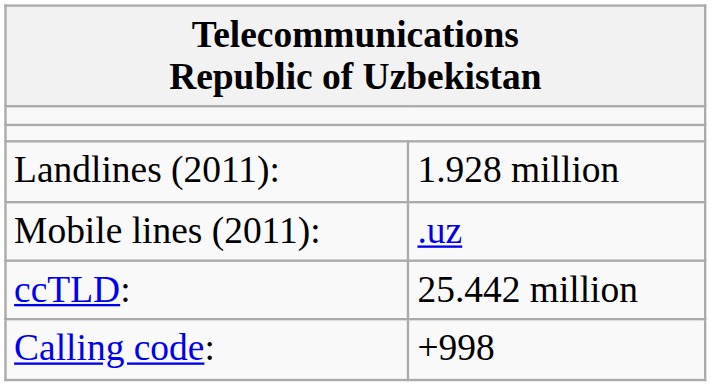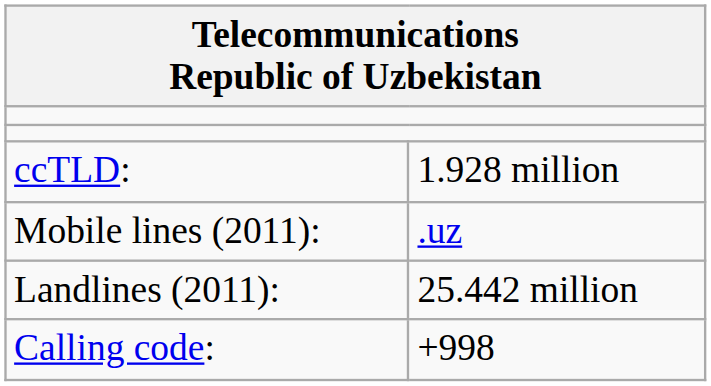 <table class="wikitable" border="1" width="300" align="right">
 <tr>
 <th colspan="2" align="center">Telecommunications <br>Republic of Uzbekistan</th>
 </tr>
 <tr>
 <td colspan="2" align="center"></td>
 </tr>
 <tr>
 <td colspan="2" align="center"></td>
 </tr>
 <tr>
-<td> Landlines (2011):</td>
+<td><a href='#'>ccTLD</a>:</td>
 <td>1.928 million</td>
 </tr>
 <tr>
 <td> Mobile lines (2011):</td>
 <td><a href='#'>.uz</a></td>
 </tr>
 <tr>
-<td><a href='#'>ccTLD</a>:</td>
+<td> Landlines (2011):</td>
 <td>25.442 million</td>
 </tr>
 <tr>
 <td><a href='#'>Calling code</a>:</td>
 <td>+998</td>
 </tr>
 </table>
